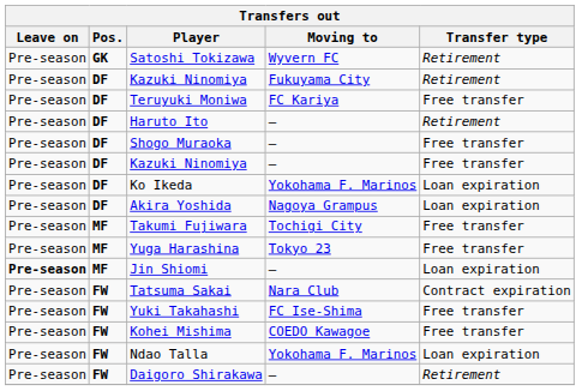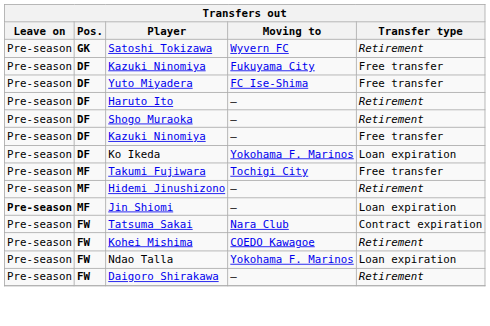 <table class="wikitable sortable" style=“text-align:left;>
 <tr>
 <th colspan="5">Transfers out</th>
 </tr>
 <tr>
 <th>Leave on</th>
 <th>Pos.</th>
 <th>Player</th>
 <th>Moving to</th>
 <th>Transfer type</th>
 </tr>
 <tr>
 <td>Pre-season</td>
 <td><strong>GK</strong></td>
 <td> <a href='#'>Satoshi Tokizawa</a></td>
 <td> <a href='#'>Wyvern FC</a></td>
 <td><em>Retirement</em></td>
 </tr>
 <tr>
 <td>Pre-season</td>
 <td><strong>DF</strong></td>
 <td> <a href='#'>Kazuki Ninomiya</a></td>
 <td> <a href='#'>Fukuyama City</a></td>
-<td><em>Retirement</em></td>
+<td>Free transfer</td>
 </tr>
 <tr>
 <td>Pre-season</td>
 <td><strong>DF</strong></td>
-<td> <a href='#'>Teruyuki Moniwa</a></td>
-<td> <a href='#'>FC Kariya</a></td>
+<td> <a href='#'>Yuto Miyadera</a></td>
+<td> <a href='#'>FC Ise-Shima</a></td>
 <td>Free transfer</td>
 </tr>
 <tr>
 <td>Pre-season</td>
 <td><strong>DF</strong></td>
 <td> <a href='#'>Haruto Ito</a></td>
 <td>–</td>
 <td><em>Retirement</em></td>
 </tr>
 <tr>
 <td>Pre-season</td>
 <td><strong>DF</strong></td>
 <td> <a href='#'>Shogo Muraoka</a></td>
 <td>–</td>
-<td>Free transfer</td>
+<td><em>Retirement</em></td>
 </tr>
 <tr>
 <td>Pre-season</td>
 <td><strong>DF</strong></td>
 <td> <a href='#'>Kazuki Ninomiya</a></td>
 <td>–</td>
 <td>Free transfer</td>
 </tr>
 <tr>
 <td>Pre-season</td>
 <td><strong>DF</strong></td>
 <td> Ko Ikeda</td>
 <td> <a href='#'>Yokohama F. Marinos</a></td>
 <td>Loan expiration</td>
 </tr>
 <tr>
 <td>Pre-season</td>
-<td><strong>DF</strong></td>
-<td> <a href='#'>Akira Yoshida</a></td>
-<td> <a href='#'>Nagoya Grampus</a></td>
-<td>Loan expiration</td>
-</tr>
-<tr>
-<td>Pre-season</td>
 <td><strong>MF</strong></td>
 <td> <a href='#'>Takumi Fujiwara</a></td>
 <td> <a href='#'>Tochigi City</a></td>
 <td>Free transfer</td>
 </tr>
 <tr>
 <td>Pre-season</td>
 <td><strong>MF</strong></td>
-<td> <a href='#'>Yuga Harashina</a></td>
-<td> <a href='#'>Tokyo 23</a></td>
-<td>Free transfer</td>
+<td> <a href='#'>Hidemi Jinushizono</a></td>
+<td>–</td>
+<td><em>Retirement</em></td>
 </tr>
 <tr>
 <td><strong>Pre-season</strong></td>
 <td><strong>MF</strong></td>
 <td> <a href='#'>Jin Shiomi</a></td>
 <td>–</td>
 <td>Loan expiration</td>
 </tr>
 <tr>
 <td>Pre-season</td>
 <td><strong>FW</strong></td>
 <td> <a href='#'>Tatsuma Sakai</a></td>
 <td> <a href='#'>Nara Club</a></td>
 <td>Contract expiration</td>
 </tr>
 <tr>
 <td>Pre-season</td>
 <td><strong>FW</strong></td>
-<td> <a href='#'>Yuki Takahashi</a></td>
-<td> <a href='#'>FC Ise-Shima</a></td>
-<td>Free transfer</td>
-</tr>
-<tr>
-<td>Pre-season</td>
-<td><strong>FW</strong></td>
 <td> <a href='#'>Kohei Mishima</a></td>
 <td> <a href='#'>COEDO Kawagoe</a></td>
-<td>Free transfer</td>
+<td><em>Retirement</em></td>
 </tr>
 <tr>
 <td>Pre-season</td>
 <td><strong>FW</strong></td>
 <td> Ndao Talla</td>
 <td> <a href='#'>Yokohama F. Marinos</a></td>
 <td>Loan expiration</td>
 </tr>
 <tr>
 <td>Pre-season</td>
 <td><strong>FW</strong></td>
 <td> <a href='#'>Daigoro Shirakawa</a></td>
 <td>–</td>
 <td><em>Retirement</em></td>
 </tr>
 <tr>
 </tr>
 </table>
